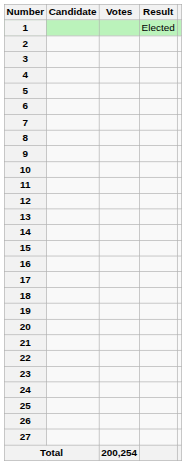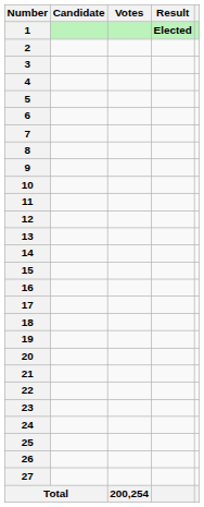 <table class="wikitable sortable">
 <tr>
 <th scope="col">Number</th>
 <th scope="col">Candidate</th>
 <th scope="col">Votes</th>
 <th scope="col">Result</th>
 <th scope="col" class="unsortable"></th>
 </tr>
 <tr bgcolor=bbf3bb>
 <th scope="row">1</th>
 <td></td>
 <td style="text-align:right"></td>
-<td>Elected</td>
+<td><strong>Elected</strong></td>
 <td></td>
 </tr>
 <tr>
 <th scope="row">2</th>
 <td></td>
 <td style="text-align:right"></td>
 <td></td>
 <td></td>
 </tr>
 <tr>
 <th scope="row">3</th>
 <td></td>
 <td style="text-align:right"></td>
 <td></td>
 <td></td>
 </tr>
 <tr>
 <th scope="row">4</th>
 <td></td>
 <td style="text-align:right"></td>
 <td></td>
 <td></td>
 </tr>
 <tr>
 <th scope="row">5</th>
 <td></td>
 <td style="text-align:right"></td>
 <td></td>
 <td></td>
 </tr>
 <tr>
 <th scope="row">6</th>
 <td></td>
 <td style="text-align:right"></td>
 <td></td>
 <td></td>
 </tr>
 <tr>
 <th scope="row">7</th>
 <td></td>
 <td style="text-align:right"></td>
 <td></td>
 <td></td>
 </tr>
 <tr>
 <th scope="row">8</th>
 <td></td>
 <td style="text-align:right"></td>
 <td></td>
 <td></td>
 </tr>
 <tr>
 <th scope="row">9</th>
 <td></td>
 <td style="text-align:right"></td>
 <td></td>
 <td></td>
 </tr>
 <tr>
 <th scope="row">10</th>
 <td></td>
 <td style="text-align:right"></td>
 <td></td>
 <td></td>
 </tr>
 <tr>
 <th scope="row">11</th>
 <td></td>
 <td style="text-align:right"></td>
 <td></td>
 <td></td>
 </tr>
 <tr>
 <th scope="row">12</th>
 <td></td>
 <td style="text-align:right"></td>
 <td></td>
 <td></td>
 </tr>
 <tr>
 <th scope="row">13</th>
 <td></td>
 <td style="text-align:right"></td>
 <td></td>
 <td></td>
 </tr>
 <tr>
 <th scope="row">14</th>
 <td></td>
 <td style="text-align:right"></td>
 <td></td>
 <td></td>
 </tr>
 <tr>
 <th scope="row">15</th>
 <td></td>
 <td style="text-align:right"></td>
 <td></td>
 <td></td>
 </tr>
 <tr>
 <th scope="row">16</th>
 <td></td>
 <td style="text-align:right"></td>
 <td></td>
 <td></td>
 </tr>
 <tr>
 <th scope="row">17</th>
 <td></td>
 <td style="text-align:right"></td>
 <td></td>
 <td></td>
 </tr>
 <tr>
 <th scope="row">18</th>
 <td></td>
 <td style="text-align:right"></td>
 <td></td>
 <td></td>
 </tr>
 <tr>
 <th scope="row">19</th>
 <td></td>
 <td style="text-align:right"></td>
 <td></td>
 <td></td>
 </tr>
 <tr>
 <th scope="row">20</th>
 <td></td>
 <td style="text-align:right"></td>
 <td></td>
 <td></td>
 </tr>
 <tr>
 <th scope="row">21</th>
 <td></td>
 <td style="text-align:right"></td>
 <td></td>
 <td></td>
 </tr>
 <tr>
 <th scope="row">22</th>
 <td></td>
 <td style="text-align:right"></td>
 <td></td>
 <td></td>
 </tr>
 <tr>
 <th scope="row">23</th>
 <td></td>
 <td style="text-align:right"></td>
 <td></td>
 <td></td>
 </tr>
 <tr>
 <th scope="row">24</th>
 <td></td>
 <td style="text-align:right"></td>
 <td></td>
 <td></td>
 </tr>
 <tr>
 <th scope="row">25</th>
 <td></td>
 <td style="text-align:right"></td>
 <td></td>
 <td></td>
 </tr>
 <tr>
 <th scope="row">26</th>
 <td></td>
 <td style="text-align:right"></td>
 <td></td>
 <td></td>
 </tr>
 <tr>
 <th scope="row">27</th>
 <td></td>
 <td style="text-align:right"></td>
 <td></td>
 <td></td>
 </tr>
 <tr class="sortbottom">
 <th scope="row" colspan="2">Total</th>
 <th style="text-align:right">200,254</th>
 <th></th>
 <th></th>
 </tr>
 </table>
